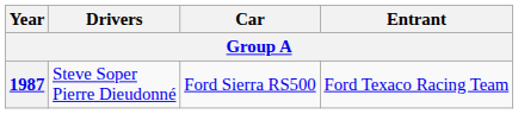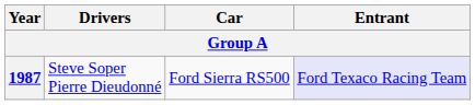 <table class="wikitable">
 <tr style="font-weight:bold">
 <th>Year</th>
 <th>Drivers</th>
 <th>Car</th>
 <th>Entrant</th>
 </tr>
 <tr>
 <th colspan=5><a href='#'>Group A</a></th>
 </tr>
 <tr>
 <th><a href='#'>1987</a></th>
 <td> <a href='#'>Steve Soper</a><br> <a href='#'>Pierre Dieudonné</a></td>
 <td><a href='#'>Ford Sierra RS500</a></td>
-<td> <a href='#'>Ford Texaco Racing Team</a></td>
+<td style="background: lavender;"> <a href='#'>Ford Texaco Racing Team</a></td>
 </tr>
 </table>
